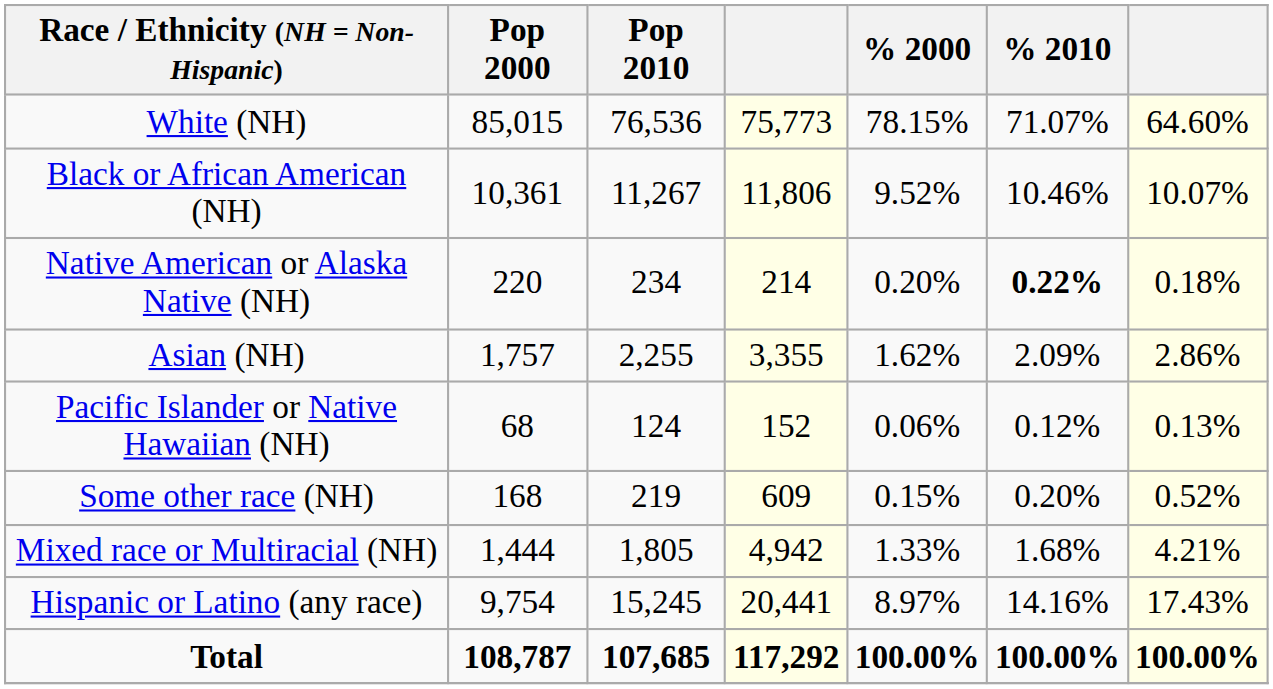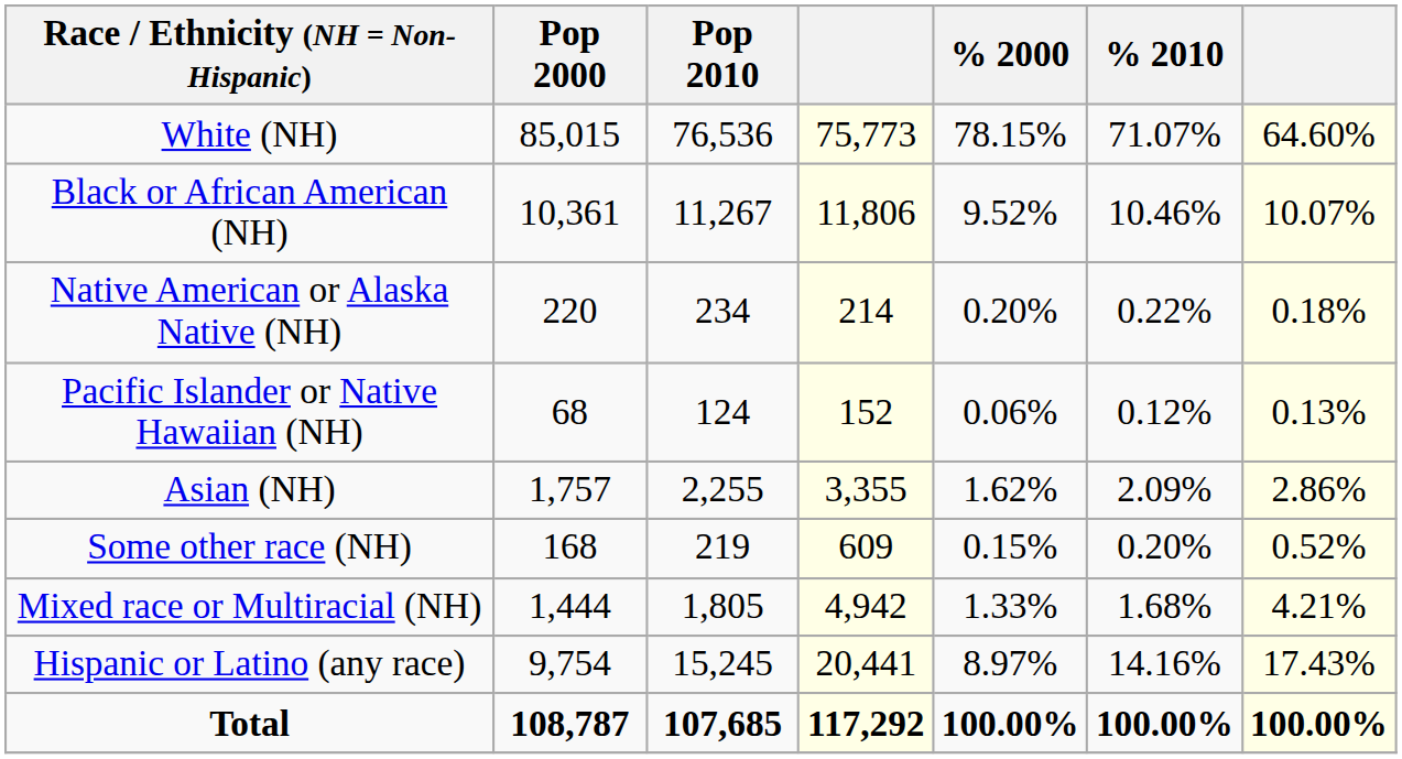 <table class="wikitable" style="text-align:center;">
 <tr>
 <th>Race / Ethnicity <small>(<em>NH = Non-Hispanic</em>)</small></th>
 <th>Pop 2000</th>
 <th>Pop 2010</th>
 <th></th>
 <th>% 2000</th>
 <th>% 2010</th>
 <th></th>
 </tr>
 <tr>
 <td><a href='#'>White</a> (NH)</td>
 <td>85,015</td>
 <td>76,536</td>
 <td style='background: #ffffe6;'>75,773</td>
 <td>78.15%</td>
 <td>71.07%</td>
 <td style='background: #ffffe6;'>64.60%</td>
 </tr>
 <tr>
 <td><a href='#'>Black or African American</a> (NH)</td>
 <td>10,361</td>
 <td>11,267</td>
 <td style='background: #ffffe6;'>11,806</td>
 <td>9.52%</td>
 <td>10.46%</td>
 <td style='background: #ffffe6;'>10.07%</td>
 </tr>
 <tr>
 <td><a href='#'>Native American</a> or <a href='#'>Alaska Native</a> (NH)</td>
 <td>220</td>
 <td>234</td>
 <td style='background: #ffffe6;'>214</td>
 <td>0.20%</td>
-<td><strong>0.22%</strong></td>
+<td>0.22%</td>
 <td style='background: #ffffe6;'>0.18%</td>
+</tr>
+<tr>
+<td><a href='#'>Pacific Islander</a> or <a href='#'>Native Hawaiian</a> (NH)</td>
+<td>68</td>
+<td>124</td>
+<td style='background: #ffffe6;'>152</td>
+<td>0.06%</td>
+<td>0.12%</td>
+<td style='background: #ffffe6;'>0.13%</td>
 </tr>
 <tr>
 <td><a href='#'>Asian</a> (NH)</td>
 <td>1,757</td>
 <td>2,255</td>
 <td style='background: #ffffe6;'>3,355</td>
 <td>1.62%</td>
 <td>2.09%</td>
 <td style='background: #ffffe6;'>2.86%</td>
-</tr>
-<tr>
-<td><a href='#'>Pacific Islander</a> or <a href='#'>Native Hawaiian</a> (NH)</td>
-<td>68</td>
-<td>124</td>
-<td style='background: #ffffe6;'>152</td>
-<td>0.06%</td>
-<td>0.12%</td>
-<td style='background: #ffffe6;'>0.13%</td>
 </tr>
 <tr>
 <td><a href='#'>Some other race</a> (NH)</td>
 <td>168</td>
 <td>219</td>
 <td style='background: #ffffe6;'>609</td>
 <td>0.15%</td>
 <td>0.20%</td>
 <td style='background: #ffffe6;'>0.52%</td>
 </tr>
 <tr>
 <td><a href='#'>Mixed race or Multiracial</a> (NH)</td>
 <td>1,444</td>
 <td>1,805</td>
 <td style='background: #ffffe6;'>4,942</td>
 <td>1.33%</td>
 <td>1.68%</td>
 <td style='background: #ffffe6;'>4.21%</td>
 </tr>
 <tr>
 <td><a href='#'>Hispanic or Latino</a> (any race)</td>
 <td>9,754</td>
 <td>15,245</td>
 <td style='background: #ffffe6;'>20,441</td>
 <td>8.97%</td>
 <td>14.16%</td>
 <td style='background: #ffffe6;'>17.43%</td>
 </tr>
 <tr>
 <td><strong>Total</strong></td>
 <td><strong>108,787</strong></td>
 <td><strong>107,685</strong></td>
 <td style='background: #ffffe6;'><strong>117,292</strong></td>
 <td><strong>100.00%</strong></td>
 <td><strong>100.00%</strong></td>
 <td style='background: #ffffe6;'><strong>100.00%</strong></td>
 </tr>
 <tr>
 </tr>
 </table>
